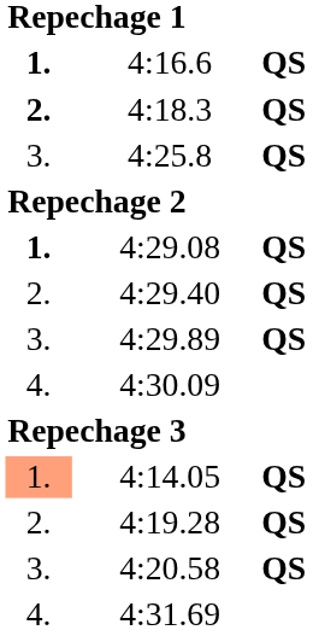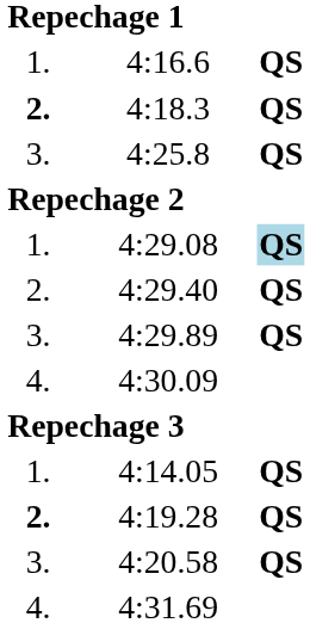 <table style="text-align:center">
 <tr>
 <td colspan=4 align=left><strong>Repechage 1</strong></td>
 </tr>
 <tr>
-<td width=30><strong>1.</strong></td>
+<td width=30>1.</td>
 <td align=left></td>
 <td width=80>4:16.6</td>
 <td><strong>QS</strong></td>
 </tr>
 <tr>
 <td><strong>2.</strong></td>
 <td align=left></td>
 <td>4:18.3</td>
 <td><strong>QS</strong></td>
 </tr>
 <tr>
 <td>3.</td>
 <td align=left></td>
 <td>4:25.8</td>
 <td><strong>QS</strong></td>
 </tr>
 <tr>
 <td colspan=4 align=left><strong>Repechage 2</strong></td>
 </tr>
 <tr>
-<td><strong>1.</strong></td>
+<td>1.</td>
 <td align=left></td>
 <td>4:29.08</td>
-<td><strong>QS</strong></td>
+<td style="background: lightblue;"><strong>QS</strong></td>
 </tr>
 <tr>
 <td>2.</td>
 <td align=left></td>
 <td>4:29.40</td>
 <td><strong>QS</strong></td>
 </tr>
 <tr>
 <td>3.</td>
 <td align=left></td>
 <td>4:29.89</td>
 <td><strong>QS</strong></td>
 </tr>
 <tr>
 <td>4.</td>
 <td align=left></td>
 <td>4:30.09</td>
 <td></td>
 </tr>
 <tr>
 <td colspan=4 align=left><strong>Repechage 3</strong></td>
 </tr>
 <tr>
-<td style="background: lightsalmon;">1.</td>
+<td>1.</td>
 <td align=left></td>
 <td>4:14.05</td>
 <td><strong>QS</strong></td>
 </tr>
 <tr>
-<td>2.</td>
+<td><strong>2.</strong></td>
 <td align=left></td>
 <td>4:19.28</td>
 <td><strong>QS</strong></td>
 </tr>
 <tr>
 <td>3.</td>
 <td align=left></td>
 <td>4:20.58</td>
 <td><strong>QS</strong></td>
 </tr>
 <tr>
 <td>4.</td>
 <td align=left></td>
 <td>4:31.69</td>
 <td></td>
 </tr>
 </table>
